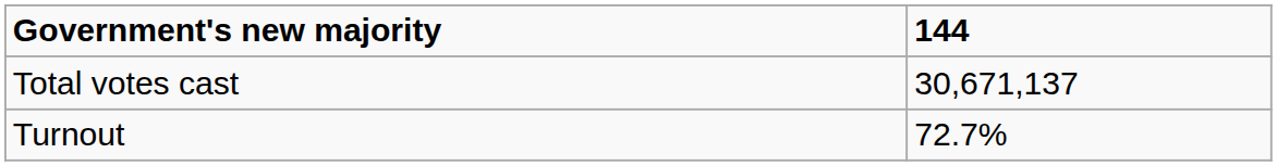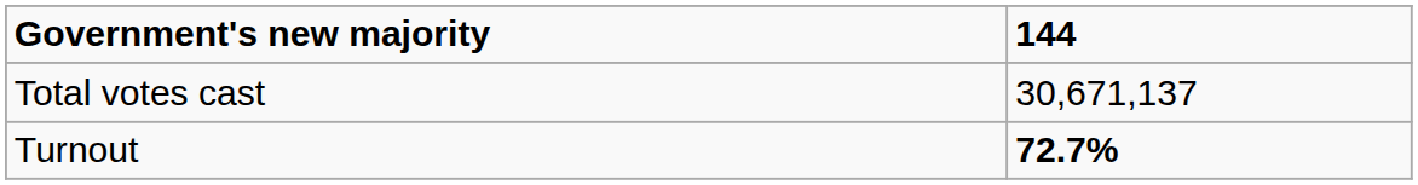 <table class="wikitable" style="width:70%">
 <tr>
 <td><strong>Government's new majority</strong></td>
 <td><strong>144</strong></td>
 </tr>
 <tr>
 <td>Total votes cast</td>
 <td>30,671,137</td>
 </tr>
 <tr>
 <td>Turnout</td>
-<td>72.7%</td>
+<td><strong>72.7%</strong></td>
 </tr>
 </table>
